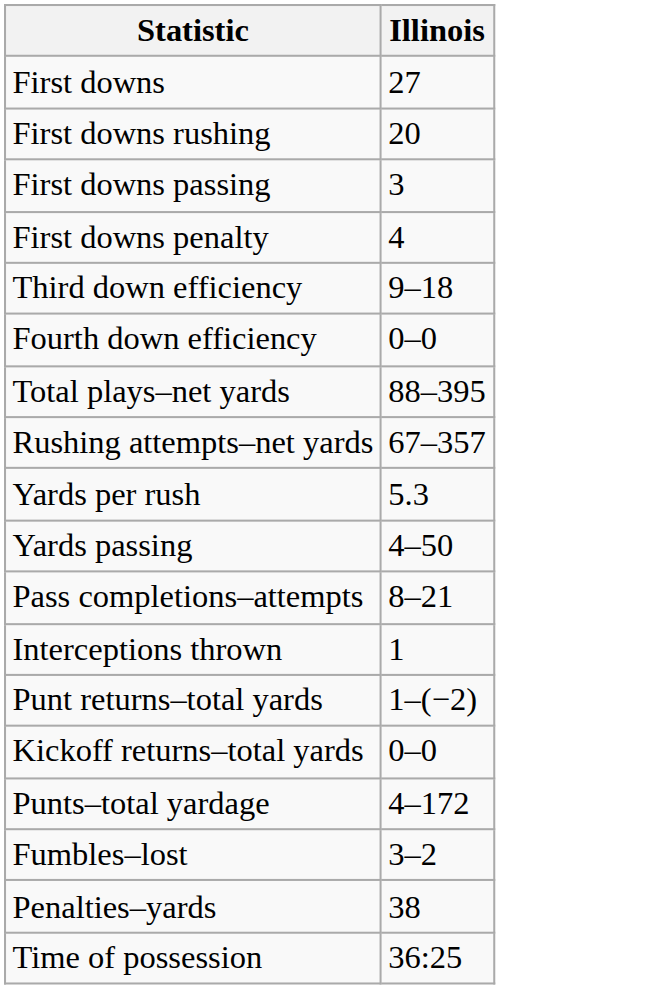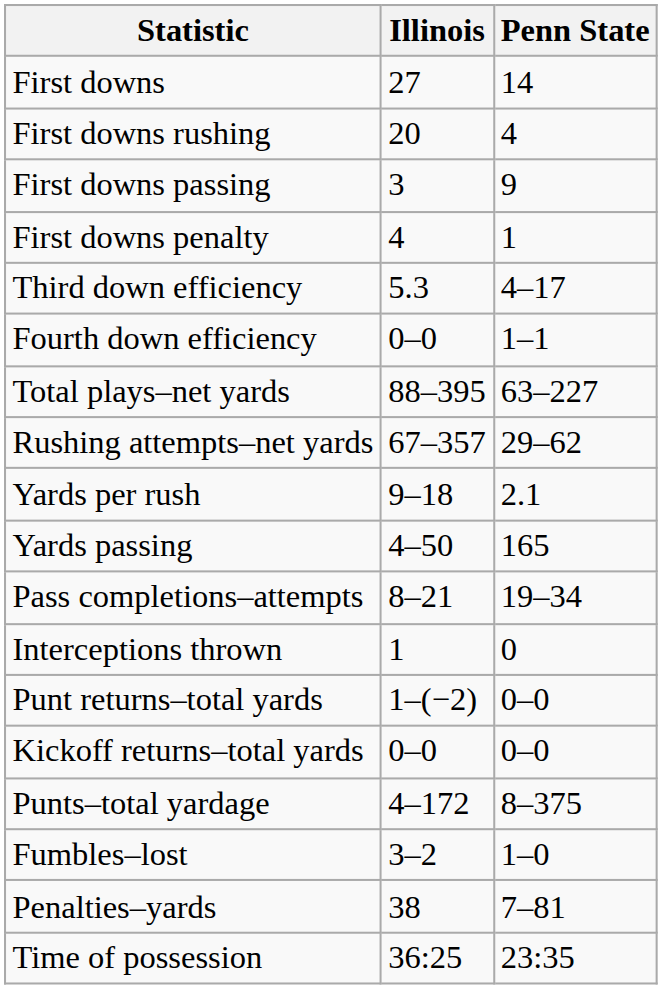 <table class="wikitable">
 <tr>
 <th>Statistic</th>
 <th><strong>Illinois</strong></th>
+<th><strong>Penn State</strong></th>
 </tr>
 <tr>
 <td>First downs</td>
 <td>27</td>
+<td>14</td>
 </tr>
 <tr>
 <td>First downs rushing</td>
 <td>20</td>
+<td>4</td>
 </tr>
 <tr>
 <td>First downs passing</td>
 <td>3</td>
+<td>9</td>
 </tr>
 <tr>
 <td>First downs penalty</td>
 <td>4</td>
+<td>1</td>
 </tr>
 <tr>
 <td>Third down efficiency</td>
-<td>9–18</td>
+<td>5.3</td>
+<td>4–17</td>
 </tr>
 <tr>
 <td>Fourth down efficiency</td>
 <td>0–0</td>
+<td>1–1</td>
 </tr>
 <tr>
 <td>Total plays–net yards</td>
 <td>88–395</td>
+<td>63–227</td>
 </tr>
 <tr>
 <td>Rushing attempts–net yards</td>
 <td>67–357</td>
+<td>29–62</td>
 </tr>
 <tr>
 <td>Yards per rush</td>
-<td>5.3</td>
+<td>9–18</td>
+<td>2.1</td>
 </tr>
 <tr>
 <td>Yards passing</td>
 <td>4–50</td>
+<td>165</td>
 </tr>
 <tr>
 <td>Pass completions–attempts</td>
 <td>8–21</td>
+<td>19–34</td>
 </tr>
 <tr>
 <td>Interceptions thrown</td>
 <td>1</td>
+<td>0</td>
 </tr>
 <tr>
 <td>Punt returns–total yards</td>
 <td>1–(−2)</td>
+<td>0–0</td>
 </tr>
 <tr>
 <td>Kickoff returns–total yards</td>
+<td>0–0</td>
 <td>0–0</td>
 </tr>
 <tr>
 <td>Punts–total yardage</td>
 <td>4–172</td>
+<td>8–375</td>
 </tr>
 <tr>
 <td>Fumbles–lost</td>
 <td>3–2</td>
+<td>1–0</td>
 </tr>
 <tr>
 <td>Penalties–yards</td>
 <td>38</td>
+<td>7–81</td>
 </tr>
 <tr>
 <td>Time of possession</td>
 <td>36:25</td>
+<td>23:35</td>
 </tr>
 </table>
